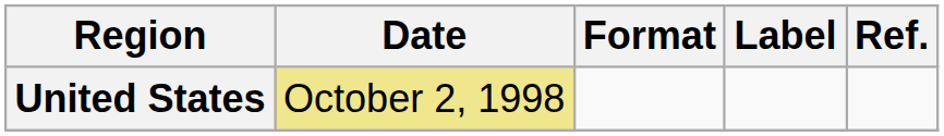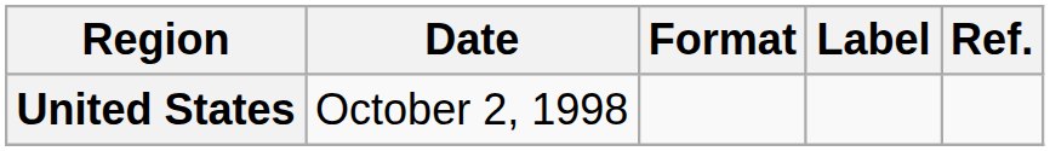 <table class="wikitable plainrowheaders">
 <tr>
 <th scope="col">Region</th>
 <th scope="col">Date</th>
 <th scope="col">Format</th>
 <th scope="col">Label</th>
 <th scope="col">Ref.</th>
 </tr>
 <tr>
 <th scope="row">United States</th>
-<td style="background: khaki;">October 2, 1998</td>
+<td>October 2, 1998</td>
 <td></td>
 <td></td>
 <td></td>
 </tr>
 <tr>
 </tr>
 </table>
